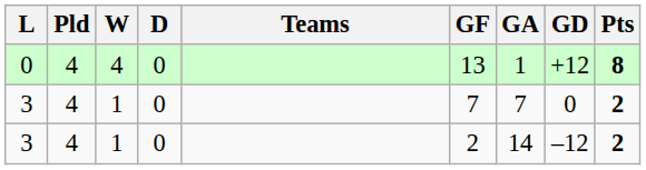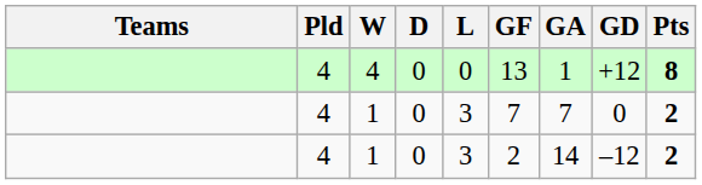 <table class="wikitable" style="text-align: center;">
 <tr>
-<th width=20>L</th>
+<th width=165>Teams</th>
 <th width=20>Pld</th>
 <th width=20>W</th>
 <th width=20>D</th>
-<th width=165>Teams</th>
+<th width=20>L</th>
 <th width=20>GF</th>
 <th width=20>GA</th>
 <th width=20>GD</th>
 <th width=20>Pts</th>
 </tr>
 <tr align=center style="background:#ccffcc;">
-<td>0</td>
+<td style="text-align:left;"></td>
 <td>4</td>
 <td>4</td>
 <td>0</td>
-<td style="text-align:left;"></td>
+<td>0</td>
 <td>13</td>
 <td>1</td>
 <td>+12</td>
 <td><strong>8</strong></td>
 </tr>
 <tr align=center>
-<td>3</td>
+<td style="text-align:left;"></td>
 <td>4</td>
 <td>1</td>
 <td>0</td>
-<td style="text-align:left;"></td>
+<td>3</td>
 <td>7</td>
 <td>7</td>
 <td>0</td>
 <td><strong>2</strong></td>
 </tr>
 <tr align=center>
-<td>3</td>
+<td style="text-align:left;"></td>
 <td>4</td>
 <td>1</td>
 <td>0</td>
-<td style="text-align:left;"></td>
+<td>3</td>
 <td>2</td>
 <td>14</td>
 <td>–12</td>
 <td><strong>2</strong></td>
 </tr>
 </table>
